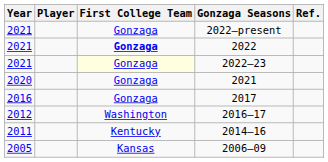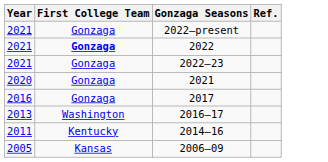 <table class="wikitable sortable" style="text-align:center">
 <tr>
 <th>Year</th>
-<th>Player</th>
 <th>First College Team</th>
 <th>Gonzaga Seasons</th>
 <th class="unsortable">Ref.</th>
 </tr>
 <tr>
 <td><a href='#'>2021</a></td>
-<td></td>
 <td><a href='#'>Gonzaga</a></td>
 <td>2022–present</td>
 <td></td>
 </tr>
 <tr>
 <td><a href='#'>2021</a></td>
-<td></td>
 <td><strong><a href='#'>Gonzaga</a></strong></td>
 <td>2022</td>
 <td></td>
 </tr>
 <tr>
 <td><a href='#'>2021</a></td>
-<td></td>
-<td style="background: lightyellow;"><a href='#'>Gonzaga</a></td>
+<td><a href='#'>Gonzaga</a></td>
 <td>2022–23</td>
 <td></td>
 </tr>
 <tr>
 <td><a href='#'>2020</a></td>
-<td></td>
 <td><a href='#'>Gonzaga</a></td>
 <td>2021</td>
 <td></td>
 </tr>
 <tr>
 <td><a href='#'>2016</a></td>
-<td></td>
 <td><a href='#'>Gonzaga</a></td>
 <td>2017</td>
 <td></td>
 </tr>
 <tr>
-<td><a href='#'>2012</a></td>
-<td></td>
+<td><a href='#'>2013</a></td>
 <td><a href='#'>Washington</a></td>
 <td>2016–17</td>
 <td></td>
 </tr>
 <tr>
 <td><a href='#'>2011</a></td>
-<td></td>
 <td><a href='#'>Kentucky</a></td>
 <td>2014–16</td>
 <td></td>
 </tr>
 <tr>
 <td><a href='#'>2005</a></td>
-<td></td>
 <td><a href='#'>Kansas</a></td>
 <td>2006–09</td>
 <td></td>
 </tr>
 </table>
